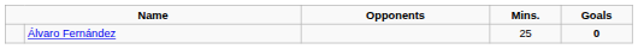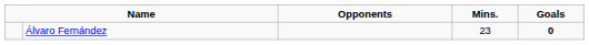 <table class= width=90% border="2" cellpadding="4" cellspacing="0" style="text-align=center: 1em 1em 1em 0; background: #f9f9f9; border: 1px #aaa solid; border-collapse: collapse; font-size: 95%;">
 <tr>
 <th width=25% colspan=2>Name</th>
 <th width=16%>Opponents</th>
 <th width=6%>Mins.</th>
 <th width=6%>Goals</th>
 </tr>
 <tr>
 <td align=center></td>
 <td><a href='#'>Álvaro Fernández</a></td>
 <td></td>
-<td align=center>25</td>
+<td align=center>23</td>
 <td align=center><strong>0</strong></td>
 </tr>
 </table>
